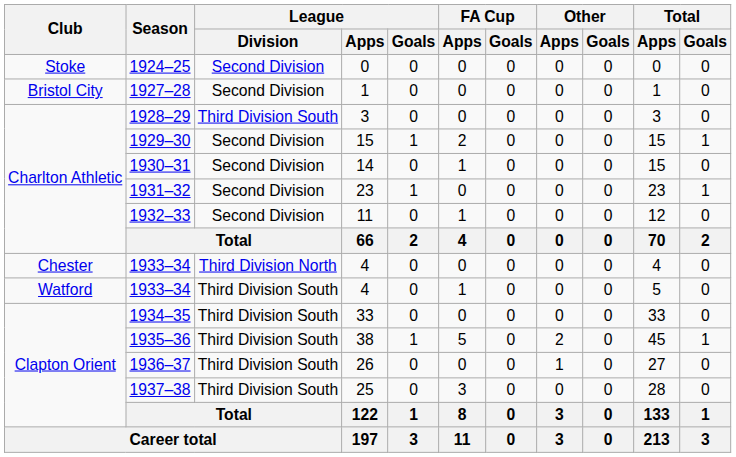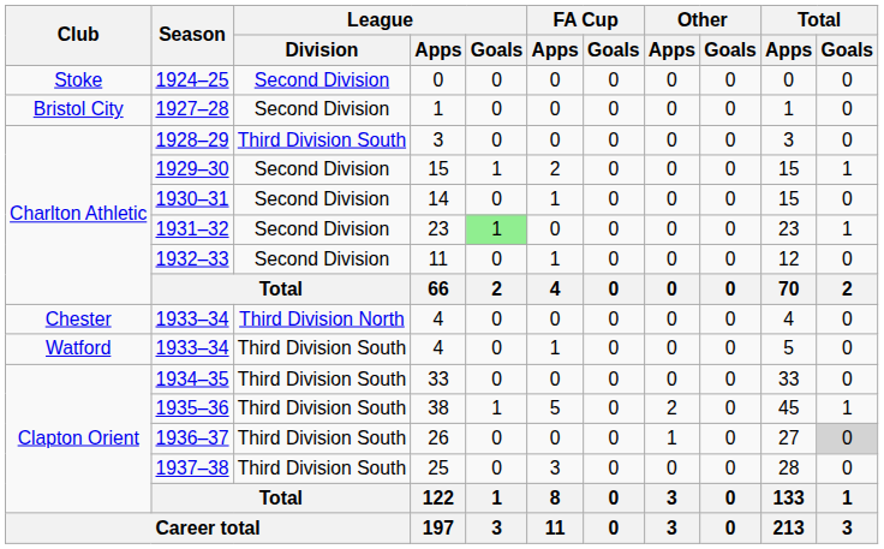 <table class="wikitable" style="text-align: center;">
 <tr>
 <th rowspan="2">Club</th>
 <th rowspan="2">Season</th>
 <th colspan="3">League</th>
 <th colspan="2">FA Cup</th>
 <th colspan="2">Other</th>
 <th colspan="2">Total</th>
 </tr>
 <tr>
 <th>Division</th>
 <th>Apps</th>
 <th>Goals</th>
 <th>Apps</th>
 <th>Goals</th>
 <th>Apps</th>
 <th>Goals</th>
 <th>Apps</th>
 <th>Goals</th>
 </tr>
 <tr>
 <td><a href='#'>Stoke</a></td>
 <td><a href='#'>1924–25</a></td>
 <td><a href='#'>Second Division</a></td>
 <td>0</td>
 <td>0</td>
 <td>0</td>
 <td>0</td>
 <td>0</td>
 <td>0</td>
 <td>0</td>
 <td>0</td>
 </tr>
 <tr>
 <td><a href='#'>Bristol City</a></td>
 <td><a href='#'>1927–28</a></td>
 <td>Second Division</td>
 <td>1</td>
 <td>0</td>
 <td>0</td>
 <td>0</td>
 <td>0</td>
 <td>0</td>
 <td>1</td>
 <td>0</td>
 </tr>
 <tr>
 <td rowspan=6><a href='#'>Charlton Athletic</a></td>
 <td><a href='#'>1928–29</a></td>
 <td><a href='#'>Third Division South</a></td>
 <td>3</td>
 <td>0</td>
 <td>0</td>
 <td>0</td>
 <td>0</td>
 <td>0</td>
 <td>3</td>
 <td>0</td>
 </tr>
 <tr>
 <td><a href='#'>1929–30</a></td>
 <td>Second Division</td>
 <td>15</td>
 <td>1</td>
 <td>2</td>
 <td>0</td>
 <td>0</td>
 <td>0</td>
 <td>15</td>
 <td>1</td>
 </tr>
 <tr>
 <td><a href='#'>1930–31</a></td>
 <td>Second Division</td>
 <td>14</td>
 <td>0</td>
 <td>1</td>
 <td>0</td>
 <td>0</td>
 <td>0</td>
 <td>15</td>
 <td>0</td>
 </tr>
 <tr>
 <td><a href='#'>1931–32</a></td>
 <td>Second Division</td>
 <td>23</td>
-<td>1</td>
+<td style="background: lightgreen;">1</td>
 <td>0</td>
 <td>0</td>
 <td>0</td>
 <td>0</td>
 <td>23</td>
 <td>1</td>
 </tr>
 <tr>
 <td><a href='#'>1932–33</a></td>
 <td>Second Division</td>
 <td>11</td>
 <td>0</td>
 <td>1</td>
 <td>0</td>
 <td>0</td>
 <td>0</td>
 <td>12</td>
 <td>0</td>
 </tr>
 <tr>
 <th colspan=2>Total</th>
 <th>66</th>
 <th>2</th>
 <th>4</th>
 <th>0</th>
 <th>0</th>
 <th>0</th>
 <th>70</th>
 <th>2</th>
 </tr>
 <tr>
 <td><a href='#'>Chester</a></td>
 <td><a href='#'>1933–34</a></td>
 <td><a href='#'>Third Division North</a></td>
 <td>4</td>
 <td>0</td>
 <td>0</td>
 <td>0</td>
 <td>0</td>
 <td>0</td>
 <td>4</td>
 <td>0</td>
 </tr>
 <tr>
 <td><a href='#'>Watford</a></td>
 <td><a href='#'>1933–34</a></td>
 <td>Third Division South</td>
 <td>4</td>
 <td>0</td>
 <td>1</td>
 <td>0</td>
 <td>0</td>
 <td>0</td>
 <td>5</td>
 <td>0</td>
 </tr>
 <tr>
 <td rowspan=5><a href='#'>Clapton Orient</a></td>
 <td><a href='#'>1934–35</a></td>
 <td>Third Division South</td>
 <td>33</td>
 <td>0</td>
 <td>0</td>
 <td>0</td>
 <td>0</td>
 <td>0</td>
 <td>33</td>
 <td>0</td>
 </tr>
 <tr>
 <td><a href='#'>1935–36</a></td>
 <td>Third Division South</td>
 <td>38</td>
 <td>1</td>
 <td>5</td>
 <td>0</td>
 <td>2</td>
 <td>0</td>
 <td>45</td>
 <td>1</td>
 </tr>
 <tr>
 <td><a href='#'>1936–37</a></td>
 <td>Third Division South</td>
 <td>26</td>
 <td>0</td>
 <td>0</td>
 <td>0</td>
 <td>1</td>
 <td>0</td>
 <td>27</td>
-<td>0</td>
+<td style="background: lightgrey;">0</td>
 </tr>
 <tr>
 <td><a href='#'>1937–38</a></td>
 <td>Third Division South</td>
 <td>25</td>
 <td>0</td>
 <td>3</td>
 <td>0</td>
 <td>0</td>
 <td>0</td>
 <td>28</td>
 <td>0</td>
 </tr>
 <tr>
 <th colspan=2>Total</th>
 <th>122</th>
 <th>1</th>
 <th>8</th>
 <th>0</th>
 <th>3</th>
 <th>0</th>
 <th>133</th>
 <th>1</th>
 </tr>
 <tr>
 <th colspan="3">Career total</th>
 <th>197</th>
 <th>3</th>
 <th>11</th>
 <th>0</th>
 <th>3</th>
 <th>0</th>
 <th>213</th>
 <th>3</th>
 </tr>
 </table>
